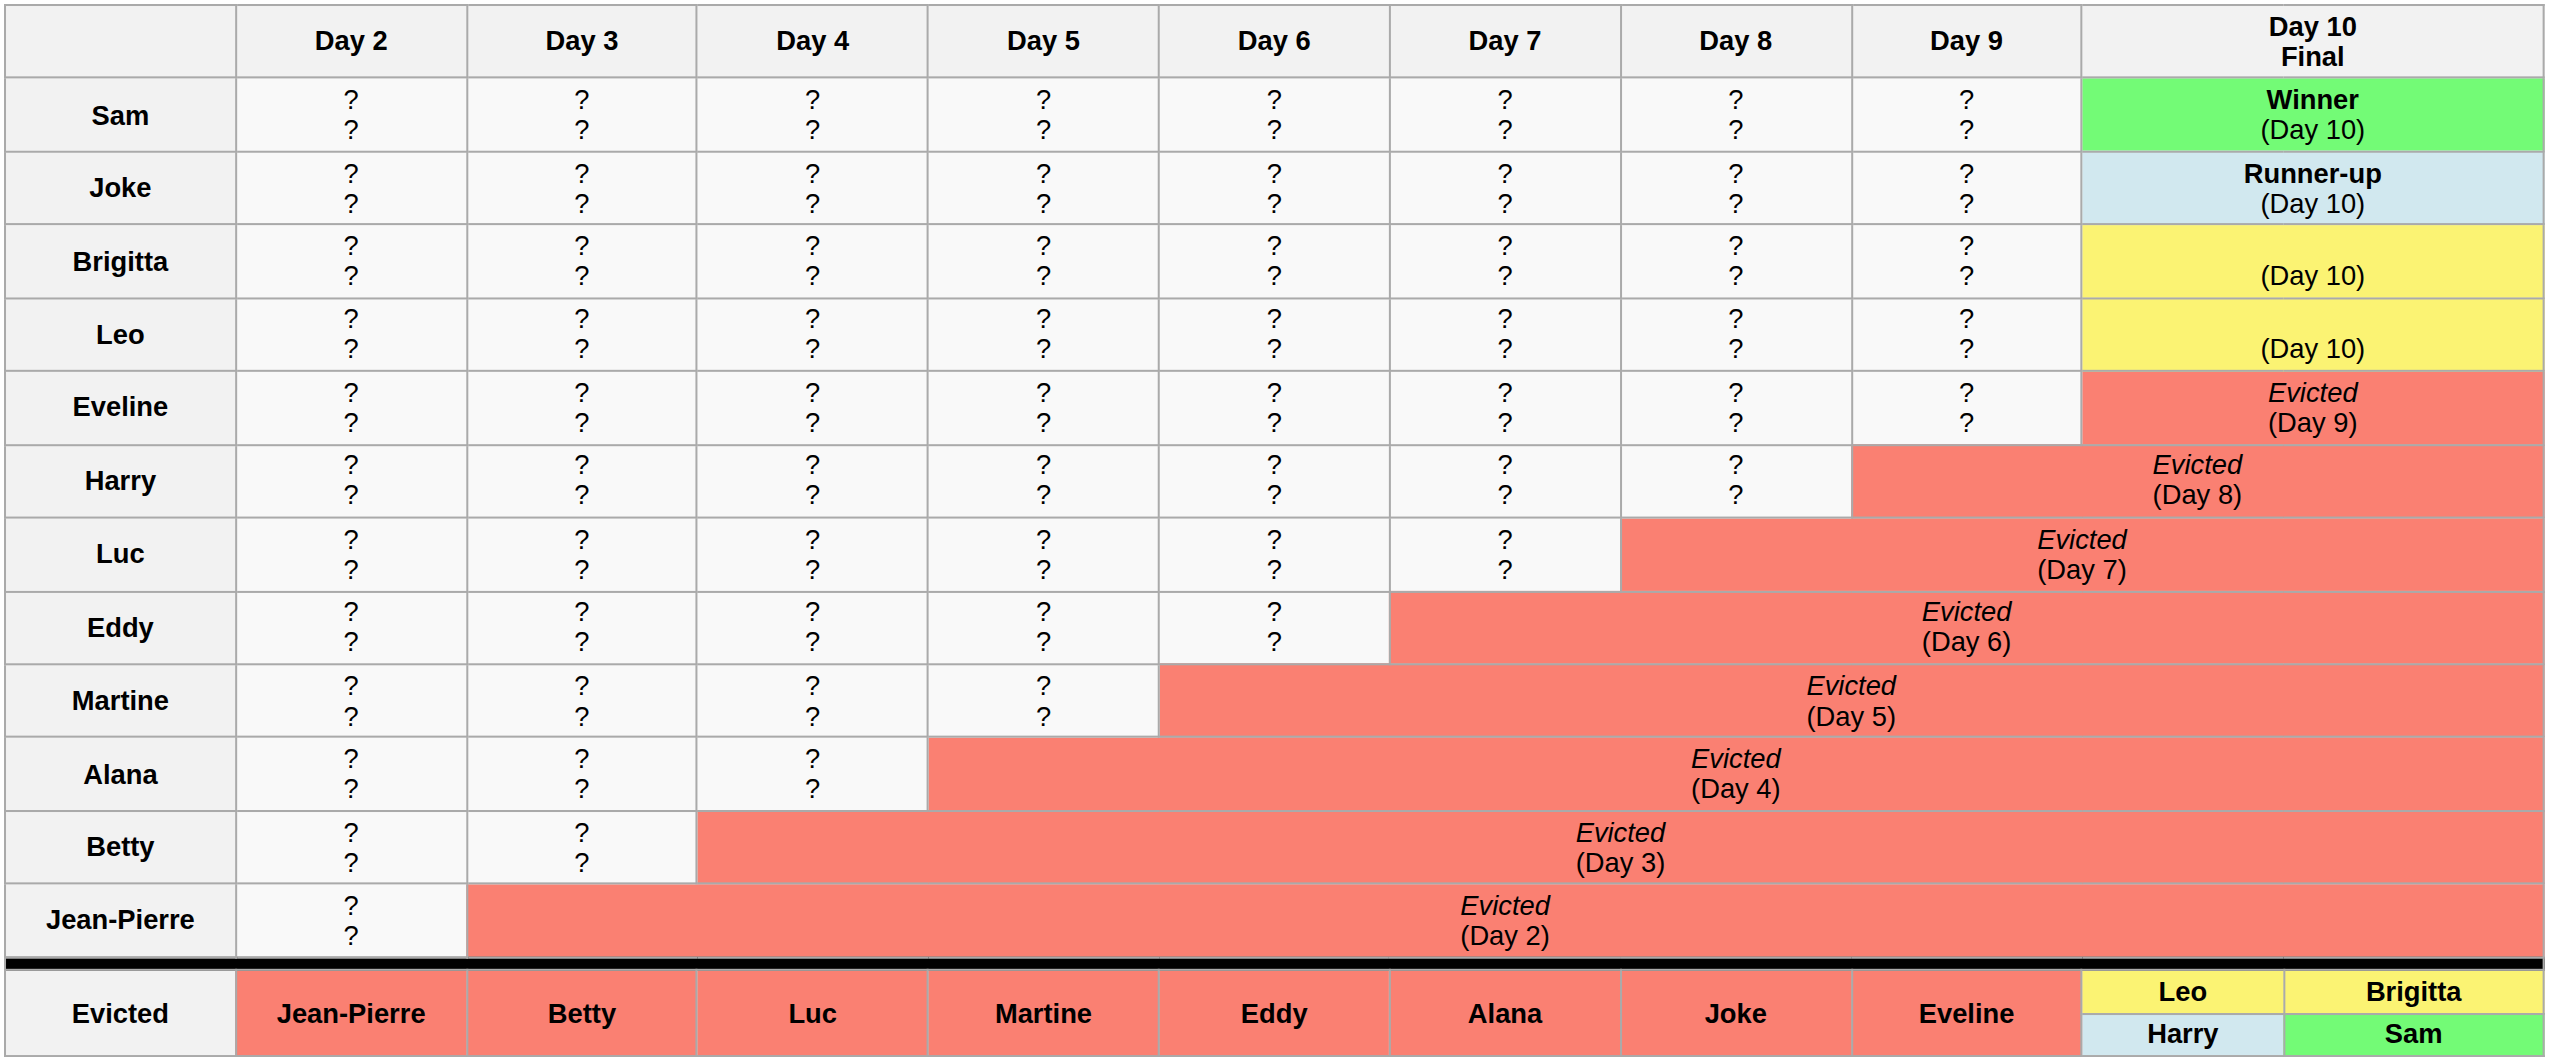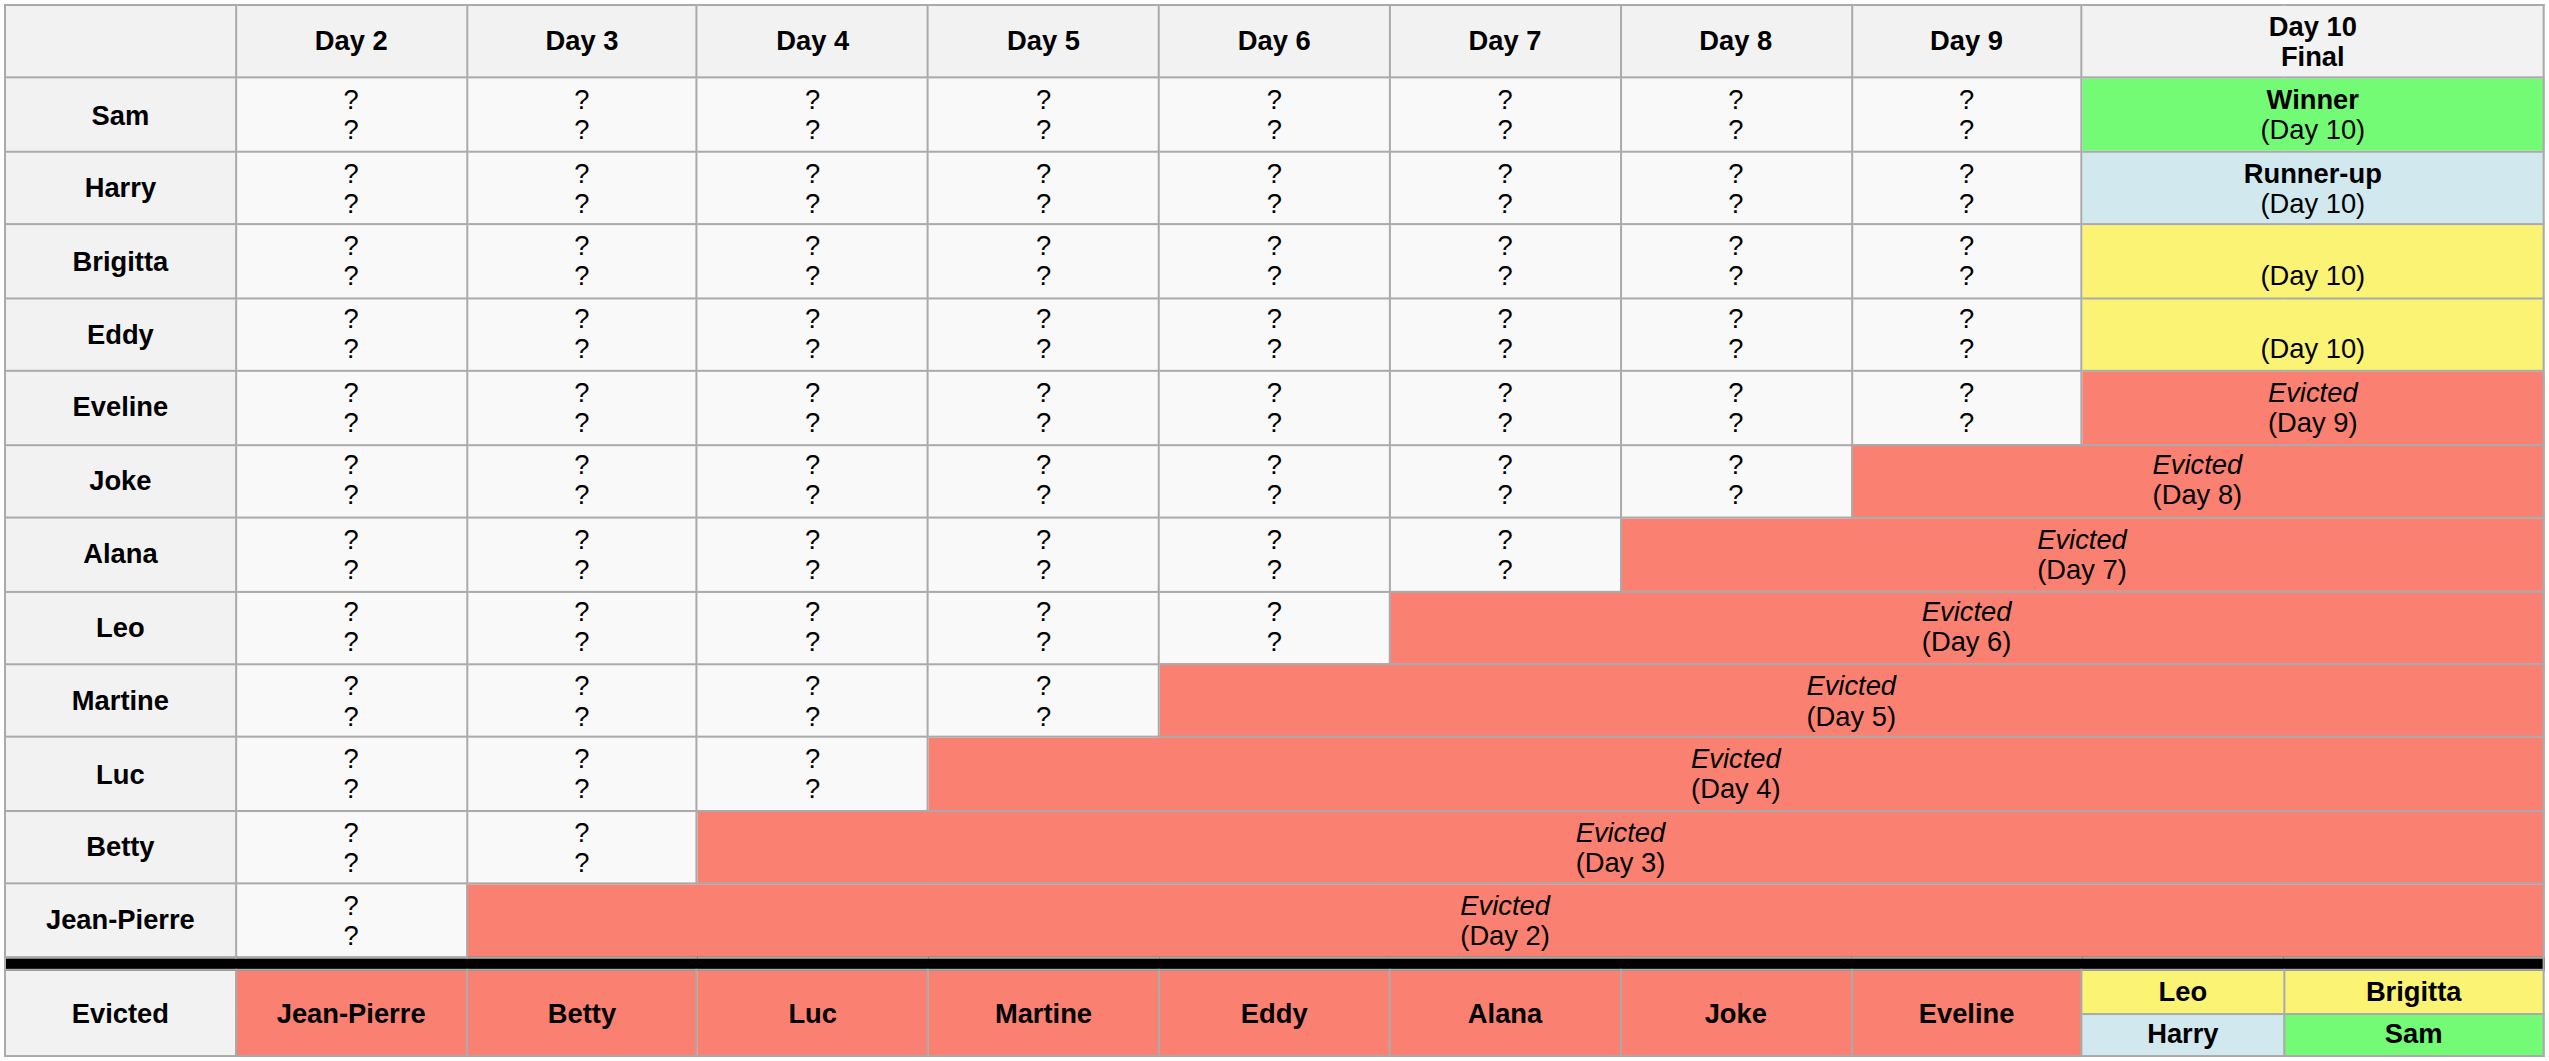 <table class="wikitable" style="text-align:center; width: 100%; font-size:85%; line-height:15px">
 <tr>
 <th style="width:6%"></th>
 <th style="width:6%">Day 2</th>
 <th style="width:6%">Day 3</th>
 <th style="width:6%">Day 4</th>
 <th style="width:6%">Day 5</th>
 <th style="width:6%">Day 6</th>
 <th style="width:6%">Day 7</th>
 <th style="width:6%">Day 8</th>
 <th style="width:6%">Day 9</th>
 <th colspan="2" style="width:12%">Day 10<br>Final</th>
 </tr>
 <tr>
 <th>Sam</th>
 <td>?<br>?</td>
 <td>?<br>?</td>
 <td>? <br> ?</td>
 <td>? <br>?</td>
 <td>?<br>?</td>
 <td>?<br>?</td>
 <td>?<br>?</td>
 <td>?<br>?</td>
 <td style="background:#73FB76" colspan="2"><strong>Winner</strong><br>(Day 10)</td>
 </tr>
 <tr>
-<th>Joke</th>
+<th>Harry</th>
 <td>?<br>?</td>
 <td>?<br>?</td>
 <td>?<br>?</td>
 <td>?<br>?</td>
 <td>?<br>?</td>
 <td>?<br>?</td>
 <td>?<br>?</td>
 <td>?<br>?</td>
 <td style="background:#D1E8EF" colspan="2"><strong>Runner-up</strong><br>(Day 10)</td>
 </tr>
 <tr>
 <th>Brigitta</th>
 <td>?<br>?</td>
 <td>?<br>?</td>
 <td>?<br>?</td>
 <td>?<br>?</td>
 <td>?<br>?</td>
 <td>?<br>?</td>
 <td>?<br>?</td>
 <td>?<br>?</td>
 <td style="background:#FBF373" colspan="2"><br>(Day 10)</td>
 </tr>
 <tr>
-<th>Leo</th>
+<th>Eddy</th>
 <td>?<br>?</td>
 <td>?<br>?</td>
 <td>?<br>?</td>
 <td>?<br>?</td>
 <td>?<br>?</td>
 <td>?<br>?</td>
 <td>?<br>?</td>
 <td>?<br>?</td>
 <td style="background:#FBF373" colspan="2"><br>(Day 10)</td>
 </tr>
 <tr>
 <th>Eveline</th>
 <td>?<br>?</td>
 <td>?<br>?</td>
 <td>?<br>?</td>
 <td>?<br>?</td>
 <td>?<br>?</td>
 <td>?<br>?</td>
 <td>?<br>?</td>
 <td>?<br>?</td>
 <td colspan="2" style="background:#FA8072"><em>Evicted</em><br>(Day 9)</td>
 </tr>
 <tr>
-<th>Harry</th>
+<th>Joke</th>
 <td>?<br>?</td>
 <td>?<br>?</td>
 <td>?<br>?</td>
 <td>?<br>?</td>
 <td>?<br>?</td>
 <td>?<br>?</td>
 <td>?<br>?</td>
 <td colspan="3" style="background:#FA8072"><em>Evicted</em><br>(Day 8)</td>
 </tr>
 <tr>
-<th>Luc</th>
+<th>Alana</th>
 <td>?<br>?</td>
 <td>?<br>?</td>
 <td>?<br>?</td>
 <td>?<br>?</td>
 <td>?<br>?</td>
 <td>?<br>?</td>
 <td colspan="4" style="background:#FA8072"><em>Evicted</em><br>(Day 7)</td>
 </tr>
 <tr>
-<th>Eddy</th>
+<th>Leo</th>
 <td>?<br>?</td>
 <td>?<br>?</td>
 <td>?<br>?</td>
 <td>?<br>?</td>
 <td>?<br>?</td>
 <td colspan="5" style="background:#FA8072"><em>Evicted</em><br>(Day 6)</td>
 </tr>
 <tr>
 <th>Martine</th>
 <td>?<br>?</td>
 <td>?<br>?</td>
 <td>?<br>?</td>
 <td>?<br>?</td>
 <td colspan="6" style="background:#FA8072"><em>Evicted</em><br>(Day 5)</td>
 </tr>
 <tr>
-<th>Alana</th>
+<th>Luc</th>
 <td>?<br>?</td>
 <td>?<br>?</td>
 <td>?<br>?</td>
 <td colspan="7" style="background:#FA8072"><em>Evicted</em><br>(Day 4)</td>
 </tr>
 <tr>
 <th>Betty</th>
 <td>?<br>?</td>
 <td>?<br>?</td>
 <td colspan="8" style="background:#FA8072"><em>Evicted</em><br>(Day 3)</td>
 </tr>
 <tr>
 <th>Jean-Pierre</th>
 <td>?<br>?</td>
 <td colspan="9" style="background:#FA8072"><em>Evicted</em><br>(Day 2)</td>
 </tr>
 <tr>
 <th colspan="11" style="background:#000"></th>
 </tr>
 <tr>
 <th rowspan="2">Evicted</th>
 <td rowspan="2" style="background:#FA8072"><strong>Jean-Pierre</strong></td>
 <td rowspan="2" style="background:#FA8072"><strong>Betty</strong></td>
 <td rowspan="2" style="background:#FA8072"><strong>Luc</strong></td>
 <td rowspan="2" style="background:#FA8072"><strong>Martine</strong></td>
 <td rowspan="2" style="background:#FA8072"><strong>Eddy</strong></td>
 <td rowspan="2" style="background:#FA8072"><strong>Alana</strong></td>
 <td rowspan="2" style="background:#FA8072"><strong>Joke</strong></td>
 <td rowspan="2" style="background:#FA8072"><strong>Eveline</strong></td>
 <td style="background:#FBF373"><strong>Leo</strong></td>
 <td style="background:#FBF373"><strong>Brigitta</strong></td>
 </tr>
 <tr>
 <td style="background:#D1E8EF"><strong>Harry</strong></td>
 <td style="background:#73FB76"><strong>Sam</strong></td>
 </tr>
 <tr>
 </tr>
 </table>
